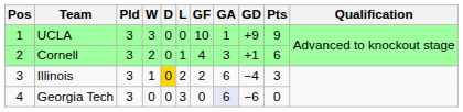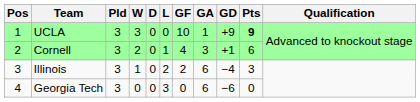 <table class="wikitable" style="text-align:center">
 <tr>
 <th>Pos</th>
 <th>Team</th>
 <th>Pld</th>
 <th>W</th>
 <th>D</th>
 <th>L</th>
 <th>GF</th>
 <th>GA</th>
 <th>GD</th>
 <th>Pts</th>
 <th>Qualification</th>
 </tr>
 <tr bgcolor="#9eff9e">
 <td>1</td>
 <td style="text-align:left">UCLA</td>
 <td>3</td>
 <td>3</td>
 <td>0</td>
 <td>0</td>
 <td>10</td>
 <td>1</td>
 <td>+9</td>
-<td>9</td>
+<td><strong>9</strong></td>
 <td rowspan="2">Advanced to knockout stage</td>
 </tr>
 <tr bgcolor="#9eff9e">
 <td>2</td>
 <td style="text-align:left">Cornell</td>
 <td>3</td>
 <td>2</td>
 <td>0</td>
 <td>1</td>
 <td>4</td>
 <td>3</td>
 <td>+1</td>
 <td>6</td>
 </tr>
 <tr>
 <td>3</td>
 <td style="text-align:left">Illinois</td>
 <td>3</td>
 <td>1</td>
-<td style="background: gold;">0</td>
+<td>0</td>
 <td>2</td>
 <td>2</td>
 <td>6</td>
 <td>−4</td>
 <td>3</td>
 <td rowspan="2"></td>
 </tr>
 <tr>
 <td>4</td>
 <td style="text-align:left">Georgia Tech</td>
 <td>3</td>
 <td>0</td>
 <td>0</td>
 <td>3</td>
 <td>0</td>
-<td style="background: lavender;">6</td>
+<td>6</td>
 <td>−6</td>
 <td>0</td>
 </tr>
 </table>
